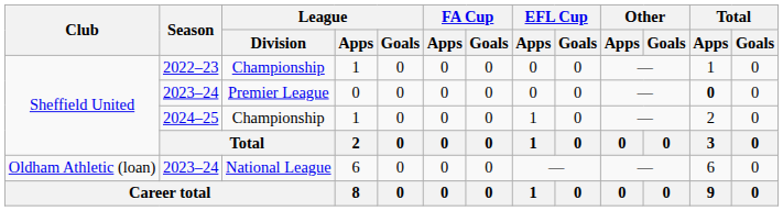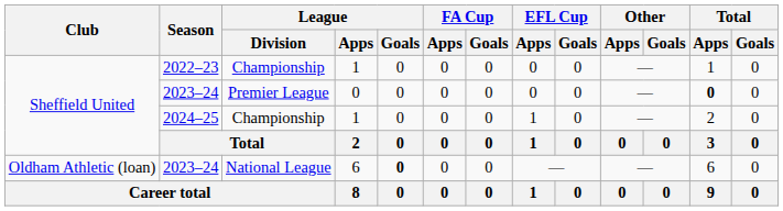 <table class=wikitable style=text-align:center>
 <tr>
 <th rowspan=2>Club</th>
 <th rowspan=2>Season</th>
 <th colspan=3>League</th>
 <th colspan=2><a href='#'>FA Cup</a></th>
 <th colspan=2><a href='#'>EFL Cup</a></th>
 <th colspan=2>Other</th>
 <th colspan=2>Total</th>
 </tr>
 <tr>
 <th>Division</th>
 <th>Apps</th>
 <th>Goals</th>
 <th>Apps</th>
 <th>Goals</th>
 <th>Apps</th>
 <th>Goals</th>
 <th>Apps</th>
 <th>Goals</th>
 <th>Apps</th>
 <th>Goals</th>
 </tr>
 <tr>
 <td rowspan=4><a href='#'>Sheffield United</a></td>
 <td><a href='#'>2022–23</a></td>
 <td><a href='#'>Championship</a></td>
 <td>1</td>
 <td>0</td>
 <td>0</td>
 <td>0</td>
 <td>0</td>
 <td>0</td>
 <td colspan=2>—</td>
 <td>1</td>
 <td>0</td>
 </tr>
 <tr>
 <td><a href='#'>2023–24</a></td>
 <td><a href='#'>Premier League</a></td>
 <td>0</td>
 <td>0</td>
 <td>0</td>
 <td>0</td>
 <td>0</td>
 <td>0</td>
 <td colspan=2>—</td>
 <td><strong>0</strong></td>
 <td>0</td>
 </tr>
 <tr>
 <td><a href='#'>2024–25</a></td>
 <td>Championship</td>
 <td>1</td>
 <td>0</td>
 <td>0</td>
 <td>0</td>
 <td>1</td>
 <td>0</td>
 <td colspan=2>—</td>
 <td>2</td>
 <td>0</td>
 </tr>
 <tr>
 <th colspan=2>Total</th>
 <th>2</th>
 <th>0</th>
 <th>0</th>
 <th>0</th>
 <th>1</th>
 <th>0</th>
 <th>0</th>
 <th>0</th>
 <th>3</th>
 <th>0</th>
 </tr>
 <tr>
 <td><a href='#'>Oldham Athletic</a> (loan)</td>
 <td><a href='#'>2023–24</a></td>
 <td><a href='#'>National League</a></td>
 <td>6</td>
-<td>0</td>
+<td><strong>0</strong></td>
 <td>0</td>
 <td>0</td>
 <td colspan=2>—</td>
 <td colspan=2>—</td>
 <td>6</td>
 <td>0</td>
 </tr>
 <tr>
 <th colspan=3>Career total</th>
 <th>8</th>
 <th>0</th>
 <th>0</th>
 <th>0</th>
 <th>1</th>
 <th>0</th>
 <th>0</th>
 <th>0</th>
 <th>9</th>
 <th>0</th>
 </tr>
 </table>
